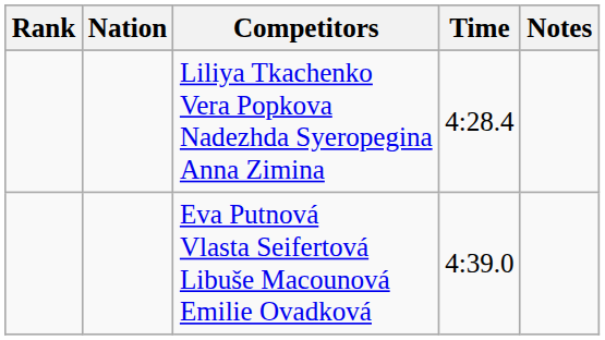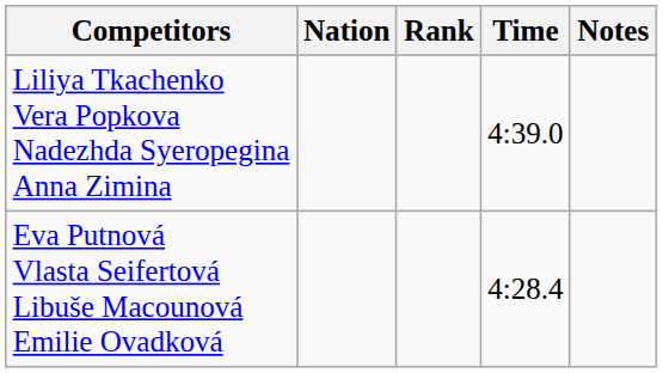 <table class="wikitable sortable" style="text-align:center; font-size:95%">
 <tr>
+<th>Competitors</th>
+<th>Nation</th>
 <th>Rank</th>
-<th>Nation</th>
-<th>Competitors</th>
 <th>Time</th>
 <th>Notes</th>
 </tr>
 <tr>
+<td align=left><a href='#'>Liliya Tkachenko</a><br><a href='#'>Vera Popkova</a><br><a href='#'>Nadezhda Syeropegina</a><br><a href='#'>Anna Zimina</a></td>
+<td align=left></td>
 <td></td>
+<td>4:39.0</td>
+<td></td>
+</tr>
+<tr>
+<td align=left><a href='#'>Eva Putnová</a><br><a href='#'>Vlasta Seifertová</a><br><a href='#'>Libuše Macounová</a><br><a href='#'>Emilie Ovadková</a></td>
 <td align=left></td>
-<td align=left><a href='#'>Liliya Tkachenko</a><br><a href='#'>Vera Popkova</a><br><a href='#'>Nadezhda Syeropegina</a><br><a href='#'>Anna Zimina</a></td>
+<td></td>
 <td>4:28.4</td>
 <td></td>
 </tr>
-<tr>
-<td></td>
-<td align=left></td>
-<td align=left><a href='#'>Eva Putnová</a><br><a href='#'>Vlasta Seifertová</a><br><a href='#'>Libuše Macounová</a><br><a href='#'>Emilie Ovadková</a></td>
-<td>4:39.0</td>
-<td></td>
-</tr>
 </table>
